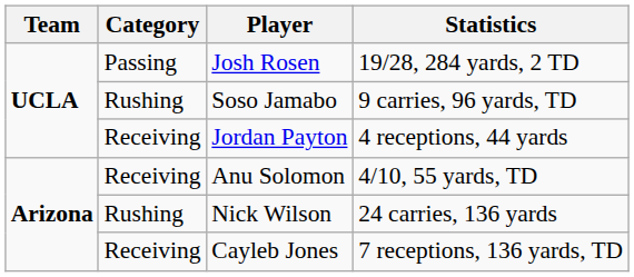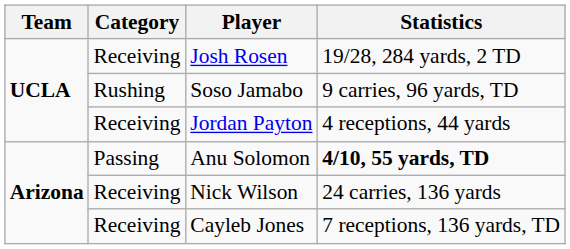 <table class="wikitable" style="float: right;">
 <tr>
 <th>Team</th>
 <th>Category</th>
 <th>Player</th>
 <th>Statistics</th>
 </tr>
 <tr>
 <td rowspan=3><strong>UCLA</strong></td>
-<td>Passing</td>
+<td>Receiving</td>
 <td><a href='#'>Josh Rosen</a></td>
 <td>19/28, 284 yards, 2 TD</td>
 </tr>
 <tr>
 <td>Rushing</td>
 <td>Soso Jamabo</td>
 <td>9 carries, 96 yards, TD</td>
 </tr>
 <tr>
 <td>Receiving</td>
 <td><a href='#'>Jordan Payton</a></td>
 <td>4 receptions, 44 yards</td>
 </tr>
 <tr>
 <td rowspan=3><strong>Arizona</strong></td>
-<td>Receiving</td>
+<td>Passing</td>
 <td>Anu Solomon</td>
-<td>4/10, 55 yards, TD</td>
+<td><strong>4/10, 55 yards, TD</strong></td>
 </tr>
 <tr>
-<td>Rushing</td>
+<td>Receiving</td>
 <td>Nick Wilson</td>
 <td>24 carries, 136 yards</td>
 </tr>
 <tr>
 <td>Receiving</td>
 <td>Cayleb Jones</td>
 <td>7 receptions, 136 yards, TD</td>
 </tr>
 </table>
